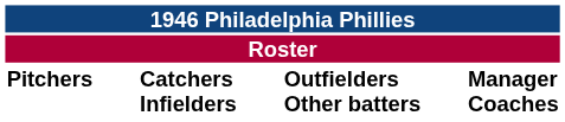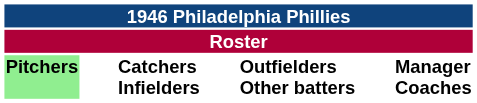 <table class="toccolours" style="font-size: 95%;">
 <tr>
 <th colspan="10" style="background-color: #0f437c; color: white; text-align: center;">1946 Philadelphia Phillies</th>
 </tr>
 <tr>
 <td colspan="10" style="background-color: #af0039; color: white; text-align: center;"><strong>Roster</strong></td>
 </tr>
 <tr>
-<td valign="top"><strong>Pitchers</strong><br>                       </td>
+<td valign="top" style="background: lightgreen;"><strong>Pitchers</strong><br>                       </td>
 <td width="25px"></td>
 <td valign="top"><strong>Catchers</strong><br>    <strong>Infielders</strong>             </td>
 <td width="25px"></td>
 <td valign="top"><strong>Outfielders</strong><br>       <strong>Other batters</strong> </td>
 <td width="25px"></td>
 <td valign="top"><strong>Manager</strong><br> <strong>Coaches</strong>   </td>
 </tr>
 </table>
